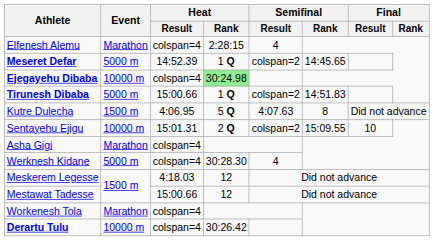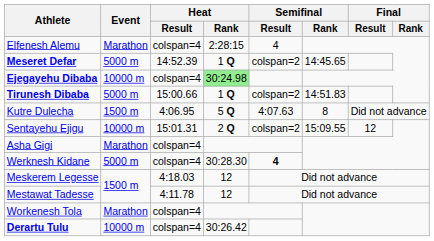 <table class="wikitable" style="font-size:90%">
 <tr>
 <th rowspan="2">Athlete</th>
 <th rowspan="2">Event</th>
 <th colspan="2">Heat</th>
 <th colspan="2">Semifinal</th>
 <th colspan="2">Final</th>
 </tr>
 <tr style="font-size:95%">
 <th>Result</th>
 <th>Rank</th>
 <th>Result</th>
 <th>Rank</th>
 <th>Result</th>
 <th>Rank</th>
 </tr>
 <tr align=center>
 <td align=left><a href='#'>Elfenesh Alemu</a></td>
 <td align=left><a href='#'>Marathon</a></td>
 <td>colspan=4 </td>
 <td>2:28:15</td>
 <td>4</td>
 </tr>
 <tr align=center>
 <td align=left><strong><a href='#'>Meseret Defar</a></strong></td>
 <td align=left><a href='#'>5000 m</a></td>
 <td>14:52.39</td>
 <td>1 <strong>Q</strong></td>
 <td>colspan=2 </td>
 <td>14:45.65</td>
 <td></td>
 </tr>
 <tr align=center>
 <td align=left><strong><a href='#'>Ejegayehu Dibaba</a></strong></td>
 <td align=left><a href='#'>10000 m</a></td>
 <td>colspan=4 </td>
 <td style="background: lightgreen;">30:24.98</td>
 <td></td>
 </tr>
 <tr align=center>
 <td align=left><strong><a href='#'>Tirunesh Dibaba</a></strong></td>
 <td align=left><a href='#'>5000 m</a></td>
 <td>15:00.66</td>
 <td>1 <strong>Q</strong></td>
 <td>colspan=2 </td>
 <td>14:51.83</td>
 <td></td>
 </tr>
 <tr align=center>
 <td align=left><a href='#'>Kutre Dulecha</a></td>
 <td align=left><a href='#'>1500 m</a></td>
 <td>4:06.95</td>
 <td>5 <strong>Q</strong></td>
 <td>4:07.63</td>
 <td>8</td>
 <td colspan=2>Did not advance</td>
 </tr>
 <tr align=center>
 <td align=left><a href='#'>Sentayehu Ejigu</a></td>
 <td align=left><a href='#'>10000 m</a></td>
 <td>15:01.31</td>
 <td>2 <strong>Q</strong></td>
 <td>colspan=2 </td>
 <td>15:09.55</td>
-<td>10</td>
+<td>12</td>
 </tr>
 <tr align=center>
 <td align=left><a href='#'>Asha Gigi</a></td>
 <td align=left><a href='#'>Marathon</a></td>
 <td>colspan=4 </td>
 <td colspan=2></td>
 </tr>
 <tr align=center>
 <td align=left><a href='#'>Werknesh Kidane</a></td>
 <td align=left><a href='#'>5000 m</a></td>
 <td>colspan=4 </td>
 <td>30:28.30</td>
-<td>4</td>
+<td><strong>4</strong></td>
 </tr>
 <tr align=center>
 <td align=left><a href='#'>Meskerem Legesse</a></td>
 <td align=left rowspan=2><a href='#'>1500 m</a></td>
 <td>4:18.03</td>
 <td>12</td>
 <td colspan=4>Did not advance</td>
 </tr>
 <tr align=center>
 <td align=left><a href='#'>Mestawat Tadesse</a></td>
-<td>15:00.66</td>
+<td>4:11.78</td>
 <td>12</td>
 <td colspan=4>Did not advance</td>
 </tr>
 <tr align=center>
 <td align=left><a href='#'>Workenesh Tola</a></td>
 <td align=left><a href='#'>Marathon</a></td>
 <td>colspan=4 </td>
 <td colspan=2></td>
 </tr>
 <tr align=center>
 <td align=left><strong><a href='#'>Derartu Tulu</a></strong></td>
 <td align=left><a href='#'>10000 m</a></td>
 <td>colspan=4 </td>
 <td>30:26.42</td>
 <td></td>
 </tr>
 </table>
